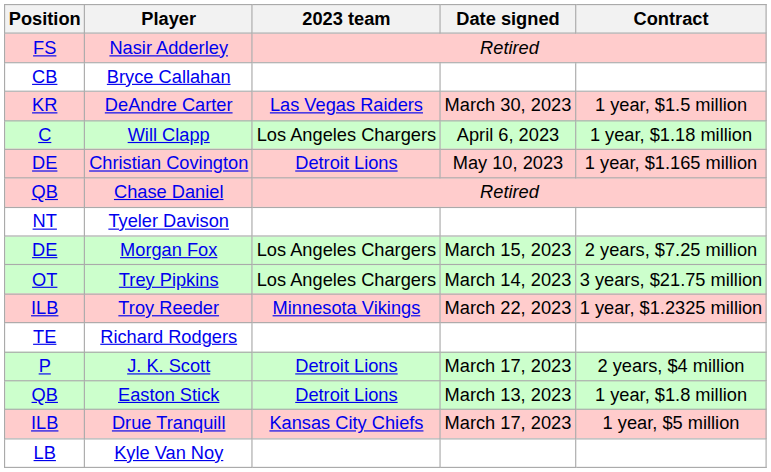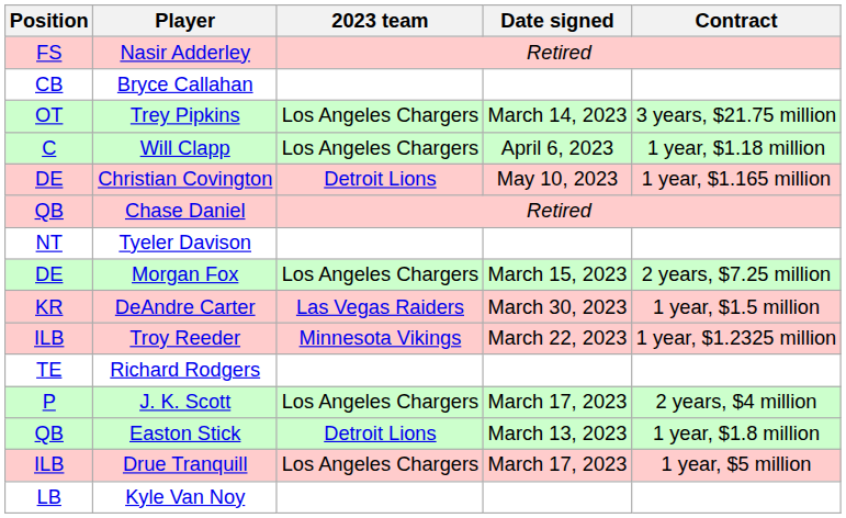 <table class="wikitable" style="text-align:center">
 <tr>
 <th>Position</th>
 <th>Player</th>
 <th>2023 team</th>
 <th>Date signed</th>
 <th>Contract</th>
 </tr>
 <tr style="background:#fcc">
 <td><a href='#'>FS</a></td>
 <td><a href='#'>Nasir Adderley</a></td>
 <td colspan=3><em>Retired</em></td>
 </tr>
 <tr style="background:#fff">
 <td><a href='#'>CB</a></td>
 <td><a href='#'>Bryce Callahan</a></td>
 <td></td>
 <td></td>
 <td></td>
 </tr>
-<tr style="background:#fcc">
-<td><a href='#'>KR</a></td>
-<td><a href='#'>DeAndre Carter</a></td>
-<td><a href='#'>Las Vegas Raiders</a></td>
-<td>March 30, 2023</td>
-<td>1 year, $1.5 million</td>
+<tr style="background:#cfc">
+<td><a href='#'>OT</a></td>
+<td><a href='#'>Trey Pipkins</a></td>
+<td>Los Angeles Chargers</td>
+<td>March 14, 2023</td>
+<td>3 years, $21.75 million</td>
 </tr>
 <tr style="background:#cfc">
 <td><a href='#'>C</a></td>
 <td><a href='#'>Will Clapp</a></td>
 <td>Los Angeles Chargers</td>
 <td>April 6, 2023</td>
 <td>1 year, $1.18 million</td>
 </tr>
 <tr style="background:#fcc">
 <td><a href='#'>DE</a></td>
 <td><a href='#'>Christian Covington</a></td>
 <td><a href='#'>Detroit Lions</a></td>
 <td>May 10, 2023</td>
 <td>1 year, $1.165 million</td>
 </tr>
 <tr style="background:#fcc">
 <td><a href='#'>QB</a></td>
 <td><a href='#'>Chase Daniel</a></td>
 <td colspan=3><em>Retired</em></td>
 </tr>
 <tr style="background:#fff">
 <td><a href='#'>NT</a></td>
 <td><a href='#'>Tyeler Davison</a></td>
 <td></td>
 <td></td>
 <td></td>
 </tr>
 <tr style="background:#cfc">
 <td><a href='#'>DE</a></td>
 <td><a href='#'>Morgan Fox</a></td>
 <td>Los Angeles Chargers</td>
 <td>March 15, 2023</td>
 <td>2 years, $7.25 million</td>
 </tr>
-<tr style="background:#cfc">
-<td><a href='#'>OT</a></td>
-<td><a href='#'>Trey Pipkins</a></td>
-<td>Los Angeles Chargers</td>
-<td>March 14, 2023</td>
-<td>3 years, $21.75 million</td>
+<tr style="background:#fcc">
+<td><a href='#'>KR</a></td>
+<td><a href='#'>DeAndre Carter</a></td>
+<td><a href='#'>Las Vegas Raiders</a></td>
+<td>March 30, 2023</td>
+<td>1 year, $1.5 million</td>
 </tr>
 <tr style="background:#fcc">
 <td><a href='#'>ILB</a></td>
 <td><a href='#'>Troy Reeder</a></td>
 <td><a href='#'>Minnesota Vikings</a></td>
 <td>March 22, 2023</td>
 <td>1 year,  $1.2325 million</td>
 </tr>
 <tr style="background:#fff">
 <td><a href='#'>TE</a></td>
 <td><a href='#'>Richard Rodgers</a></td>
 <td></td>
 <td></td>
 <td></td>
 </tr>
 <tr style="background:#cfc">
 <td><a href='#'>P</a></td>
 <td><a href='#'>J. K. Scott</a></td>
-<td><a href='#'>Detroit Lions</a></td>
+<td>Los Angeles Chargers</td>
 <td>March 17, 2023</td>
 <td>2 years, $4 million</td>
 </tr>
 <tr style="background:#cfc">
 <td><a href='#'>QB</a></td>
 <td><a href='#'>Easton Stick</a></td>
 <td><a href='#'>Detroit Lions</a></td>
 <td>March 13, 2023</td>
 <td>1 year, $1.8 million</td>
 </tr>
 <tr style="background:#fcc">
 <td><a href='#'>ILB</a></td>
 <td><a href='#'>Drue Tranquill</a></td>
-<td><a href='#'>Kansas City Chiefs</a></td>
+<td>Los Angeles Chargers</td>
 <td>March 17, 2023</td>
 <td>1 year, $5 million</td>
 </tr>
 <tr style="background:#fff">
 <td><a href='#'>LB</a></td>
 <td><a href='#'>Kyle Van Noy</a></td>
 <td></td>
 <td></td>
 <td></td>
 </tr>
 </table>
